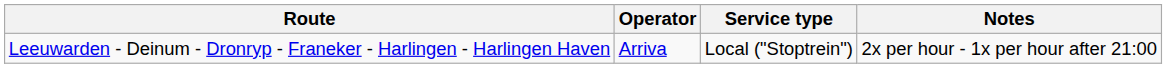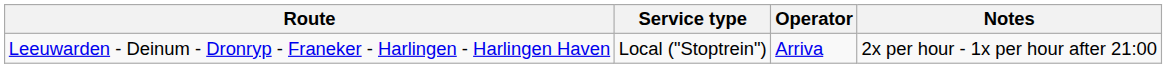 <table class="wikitable">
 <tr>
 <th>Route</th>
+<th>Service type</th>
 <th>Operator</th>
-<th>Service type</th>
 <th>Notes</th>
 </tr>
 <tr>
 <td><a href='#'>Leeuwarden</a> - Deinum - <a href='#'>Dronryp</a> - <a href='#'>Franeker</a> - <a href='#'>Harlingen</a> - <a href='#'>Harlingen Haven</a></td>
+<td>Local ("Stoptrein")</td>
 <td><a href='#'>Arriva</a></td>
-<td>Local ("Stoptrein")</td>
 <td>2x per hour - 1x per hour after 21:00</td>
 </tr>
 </table>
